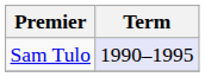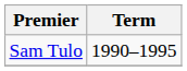 <table class="wikitable">
 <tr>
 <th><strong>Premier</strong></th>
 <th><strong>Term</strong></th>
 </tr>
 <tr>
 <td><a href='#'>Sam Tulo</a></td>
-<td style="background: lavender;">1990–1995</td>
+<td>1990–1995</td>
 </tr>
 <tr>
 </tr>
 </table>
